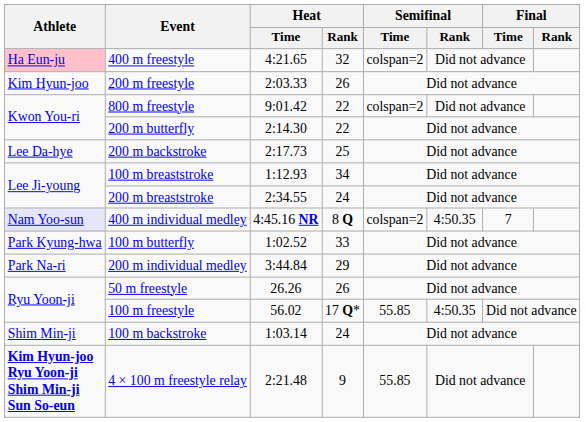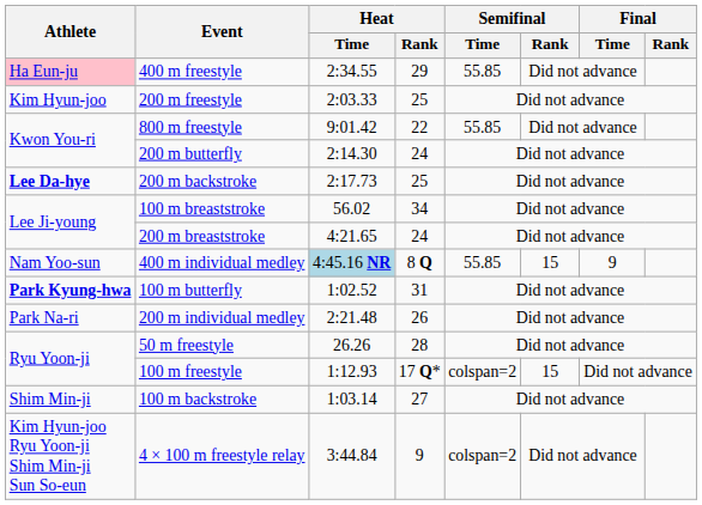 <table class=wikitable style="font-size:90%">
 <tr>
 <th rowspan="2">Athlete</th>
 <th rowspan="2">Event</th>
 <th colspan="2">Heat</th>
 <th colspan="2">Semifinal</th>
 <th colspan="2">Final</th>
 </tr>
 <tr style="font-size:95%">
 <th>Time</th>
 <th>Rank</th>
 <th>Time</th>
 <th>Rank</th>
 <th>Time</th>
 <th>Rank</th>
 </tr>
 <tr align=center>
 <td align=left style="background: pink;"><a href='#'>Ha Eun-ju</a></td>
 <td align=left><a href='#'>400 m freestyle</a></td>
-<td>4:21.65</td>
-<td>32</td>
-<td>colspan=2 </td>
+<td>2:34.55</td>
+<td>29</td>
+<td>55.85</td>
 <td colspan=2>Did not advance</td>
 </tr>
 <tr align=center>
 <td align=left><a href='#'>Kim Hyun-joo</a></td>
 <td align=left><a href='#'>200 m freestyle</a></td>
 <td>2:03.33</td>
-<td>26</td>
+<td>25</td>
 <td colspan=4>Did not advance</td>
 </tr>
 <tr align=center>
 <td align=left rowspan=2><a href='#'>Kwon You-ri</a></td>
 <td align=left><a href='#'>800 m freestyle</a></td>
 <td>9:01.42</td>
 <td>22</td>
-<td>colspan=2 </td>
+<td>55.85</td>
 <td colspan=2>Did not advance</td>
 </tr>
 <tr align=center>
 <td align=left><a href='#'>200 m butterfly</a></td>
 <td>2:14.30</td>
-<td>22</td>
+<td>24</td>
 <td colspan=4>Did not advance</td>
 </tr>
 <tr align=center>
-<td align=left><a href='#'>Lee Da-hye</a></td>
+<td align=left><strong><a href='#'>Lee Da-hye</a></strong></td>
 <td align=left><a href='#'>200 m backstroke</a></td>
 <td>2:17.73</td>
 <td>25</td>
 <td colspan=4>Did not advance</td>
 </tr>
 <tr align=center>
 <td align=left rowspan=2><a href='#'>Lee Ji-young</a></td>
 <td align=left><a href='#'>100 m breaststroke</a></td>
-<td>1:12.93</td>
+<td>56.02</td>
 <td>34</td>
 <td colspan=4>Did not advance</td>
 </tr>
 <tr align=center>
 <td align=left><a href='#'>200 m breaststroke</a></td>
-<td>2:34.55</td>
+<td>4:21.65</td>
 <td>24</td>
 <td colspan=4>Did not advance</td>
 </tr>
 <tr align=center>
-<td align=left style="background: lavender;"><a href='#'>Nam Yoo-sun</a></td>
+<td align=left><a href='#'>Nam Yoo-sun</a></td>
 <td align=left><a href='#'>400 m individual medley</a></td>
-<td>4:45.16 <strong><a href='#'>NR</a></strong></td>
+<td style="background: lightblue;">4:45.16 <strong><a href='#'>NR</a></strong></td>
 <td>8 <strong>Q</strong></td>
-<td>colspan=2 </td>
-<td>4:50.35</td>
-<td>7</td>
+<td>55.85</td>
+<td>15</td>
+<td>9</td>
 </tr>
 <tr align=center>
-<td align=left><a href='#'>Park Kyung-hwa</a></td>
+<td align=left><strong><a href='#'>Park Kyung-hwa</a></strong></td>
 <td align=left><a href='#'>100 m butterfly</a></td>
 <td>1:02.52</td>
-<td>33</td>
+<td>31</td>
 <td colspan=4>Did not advance</td>
 </tr>
 <tr align=center>
 <td align=left><a href='#'>Park Na-ri</a></td>
 <td align=left><a href='#'>200 m individual medley</a></td>
-<td>3:44.84</td>
-<td>29</td>
+<td>2:21.48</td>
+<td>26</td>
 <td colspan=4>Did not advance</td>
 </tr>
 <tr align=center>
 <td align=left rowspan=2><a href='#'>Ryu Yoon-ji</a></td>
 <td align=left><a href='#'>50 m freestyle</a></td>
 <td>26.26</td>
-<td>26</td>
+<td>28</td>
 <td colspan=4>Did not advance</td>
 </tr>
 <tr align=center>
 <td align=left><a href='#'>100 m freestyle</a></td>
-<td>56.02</td>
+<td>1:12.93</td>
 <td>17 <strong>Q</strong>*</td>
-<td>55.85</td>
-<td>4:50.35</td>
+<td>colspan=2 </td>
+<td>15</td>
 <td colspan=2>Did not advance</td>
 </tr>
 <tr align=center>
 <td align=left><a href='#'>Shim Min-ji</a></td>
 <td align=left><a href='#'>100 m backstroke</a></td>
 <td>1:03.14</td>
-<td>24</td>
+<td>27</td>
 <td colspan=4>Did not advance</td>
 </tr>
 <tr align=center>
-<td align=left><strong><a href='#'>Kim Hyun-joo</a><br><a href='#'>Ryu Yoon-ji</a><br><a href='#'>Shim Min-ji</a><br><a href='#'>Sun So-eun</a></strong></td>
+<td align=left><a href='#'>Kim Hyun-joo</a><br><a href='#'>Ryu Yoon-ji</a><br><a href='#'>Shim Min-ji</a><br><a href='#'>Sun So-eun</a></td>
 <td align=left><a href='#'>4 × 100 m freestyle relay</a></td>
-<td>2:21.48</td>
+<td>3:44.84</td>
 <td>9</td>
-<td>55.85</td>
+<td>colspan=2 </td>
 <td colspan=2>Did not advance</td>
 </tr>
 </table>
